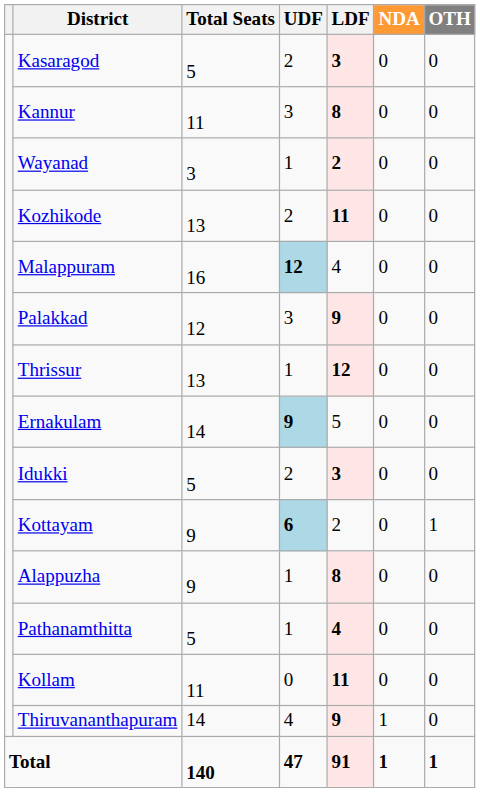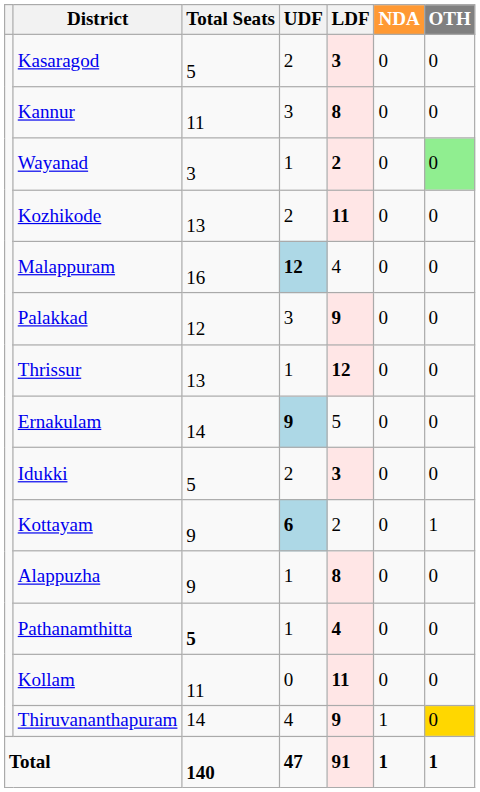 <table class="wikitable sortable" style="text-align:centre;">
 <tr>
 <th></th>
 <th>District</th>
 <th>Total Seats</th>
 <th style="background:">UDF</th>
 <th style="background:">LDF</th>
 <th style="background:#FF9933; color:white;">NDA</th>
 <th style="background:grey; color:white;">OTH</th>
 </tr>
 <tr>
 <td rowspan="14"></td>
 <td><a href='#'>Kasaragod</a></td>
 <td><br>5</td>
 <td>2</td>
 <td style="background:#FFE6E6"><strong>3</strong></td>
 <td>0</td>
 <td>0</td>
 </tr>
 <tr>
 <td><a href='#'>Kannur</a></td>
 <td><br>11</td>
 <td>3</td>
 <td style="background:#FFE6E6"><strong>8</strong></td>
 <td>0</td>
 <td>0</td>
 </tr>
 <tr>
 <td><a href='#'>Wayanad</a></td>
 <td><br>3</td>
 <td>1</td>
 <td style="background:#FFE6E6"><strong>2</strong></td>
 <td>0</td>
-<td>0</td>
+<td style="background: lightgreen;">0</td>
 </tr>
 <tr>
 <td><a href='#'>Kozhikode</a></td>
 <td><br>13</td>
 <td>2</td>
 <td style="background:#FFE6E6"><strong>11</strong></td>
 <td>0</td>
 <td>0</td>
 </tr>
 <tr>
 <td><a href='#'>Malappuram</a></td>
 <td><br>16</td>
 <td style="background:#ADD8E6"><strong>12</strong></td>
 <td>4</td>
 <td>0</td>
 <td>0</td>
 </tr>
 <tr>
 <td><a href='#'>Palakkad</a></td>
 <td><br>12</td>
 <td>3</td>
 <td style="background:#FFE6E6"><strong>9</strong></td>
 <td>0</td>
 <td>0</td>
 </tr>
 <tr>
 <td><a href='#'>Thrissur</a></td>
 <td><br>13</td>
 <td>1</td>
 <td style="background:#FFE6E6"><strong>12</strong></td>
 <td>0</td>
 <td>0</td>
 </tr>
 <tr>
 <td><a href='#'>Ernakulam</a></td>
 <td><br>14</td>
 <td style="background:#ADD8E6"><strong>9</strong></td>
 <td>5</td>
 <td>0</td>
 <td>0</td>
 </tr>
 <tr>
 <td><a href='#'>Idukki</a></td>
 <td><br>5</td>
 <td>2</td>
 <td style="background:#FFE6E6"><strong>3</strong></td>
 <td>0</td>
 <td>0</td>
 </tr>
 <tr>
 <td><a href='#'>Kottayam</a></td>
 <td><br>9</td>
 <td style="background:#ADD8E6"><strong>6</strong></td>
 <td>2</td>
 <td>0</td>
 <td>1</td>
 </tr>
 <tr>
 <td><a href='#'>Alappuzha</a></td>
 <td><br>9</td>
 <td>1</td>
 <td style="background:#FFE6E6"><strong>8</strong></td>
 <td>0</td>
 <td>0</td>
 </tr>
 <tr>
 <td><a href='#'>Pathanamthitta</a></td>
-<td><br>5</td>
+<td><strong><br>5</strong></td>
 <td>1</td>
 <td style="background:#FFE6E6"><strong>4</strong></td>
 <td>0</td>
 <td>0</td>
 </tr>
 <tr>
 <td><a href='#'>Kollam</a></td>
 <td><br>11</td>
 <td>0</td>
 <td style="background:#FFE6E6"><strong>11</strong></td>
 <td>0</td>
 <td>0</td>
 </tr>
 <tr>
 <td><a href='#'>Thiruvananthapuram</a></td>
 <td>14</td>
 <td>4</td>
 <td style="background:#FFE6E6"><strong>9</strong></td>
 <td>1</td>
-<td>0</td>
+<td style="background: gold;">0</td>
 </tr>
 <tr>
 <td colspan="2"><strong> Total </strong></td>
 <td><br><strong> 140 </strong></td>
 <td><strong> 47 </strong></td>
 <td style="background:#FFE6E6"><strong> 91 </strong></td>
 <td><strong> 1</strong></td>
 <td><strong>1</strong></td>
 </tr>
 </table>
